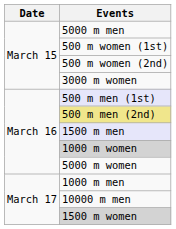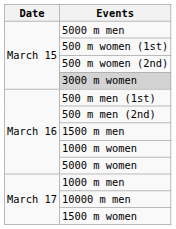 <table class="wikitable" border="1">
 <tr>
 <th>Date</th>
 <th>Events</th>
 </tr>
 <tr>
 <td rowspan=4>March 15</td>
 <td>5000 m men</td>
 </tr>
 <tr>
 <td>500 m women (1st)</td>
 </tr>
 <tr>
 <td>500 m women (2nd)</td>
 </tr>
 <tr>
-<td>3000 m women</td>
+<td style="background: lightgrey;">3000 m women</td>
 </tr>
 <tr>
 <td rowspan=5>March 16</td>
-<td style="background: lavender;">500 m men (1st)</td>
+<td>500 m men (1st)</td>
 </tr>
 <tr>
-<td style="background: khaki;">500 m men (2nd)</td>
+<td>500 m men (2nd)</td>
 </tr>
 <tr>
-<td style="background: lavender;">1500 m men</td>
+<td>1500 m men</td>
 </tr>
 <tr>
-<td style="background: lightgrey;">1000 m women</td>
+<td>1000 m women</td>
 </tr>
 <tr>
 <td>5000 m women</td>
 </tr>
 <tr>
 <td rowspan=3>March 17</td>
 <td>1000 m men</td>
 </tr>
 <tr>
 <td>10000 m men</td>
 </tr>
 <tr>
-<td style="background: lightgrey;">1500 m women</td>
+<td>1500 m women</td>
 </tr>
 </table>
